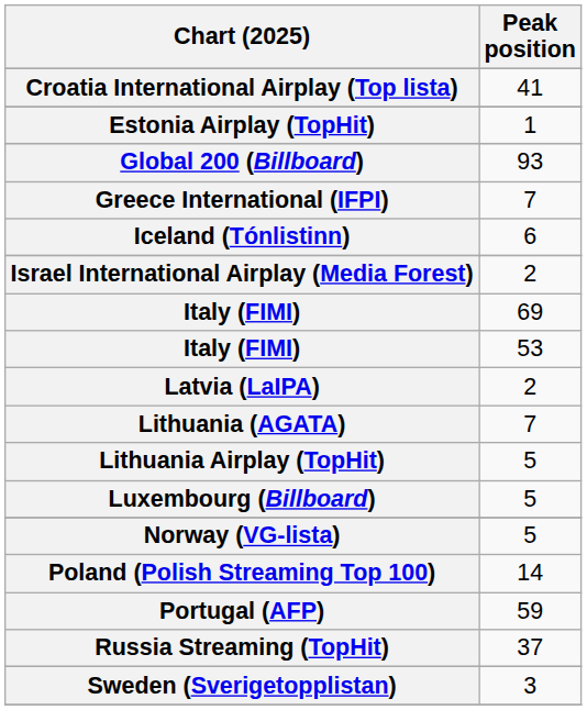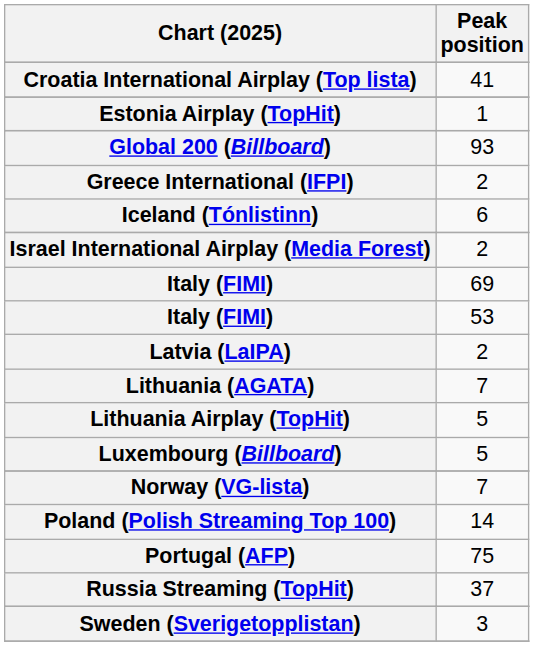 <table class="wikitable sortable plainrowheaders" style="text-align:center">
 <tr>
 <th scope="col">Chart (2025)</th>
 <th scope="col">Peak<br>position</th>
 </tr>
 <tr>
 </tr>
 <tr>
 </tr>
 <tr>
 <th scope="row">Croatia International Airplay (<a href='#'>Top lista</a>)</th>
 <td>41</td>
 </tr>
 <tr>
 </tr>
 <tr>
 <th scope="row">Estonia Airplay (<a href='#'>TopHit</a>)</th>
 <td>1</td>
 </tr>
 <tr>
 </tr>
 <tr>
 </tr>
 <tr>
 <th scope="row"><a href='#'>Global 200</a> (<em><a href='#'>Billboard</a></em>)</th>
 <td>93</td>
 </tr>
 <tr>
 <th scope="row">Greece International (<a href='#'>IFPI</a>)</th>
-<td>7</td>
+<td>2</td>
 </tr>
 <tr>
 <th scope="row">Iceland (<a href='#'>Tónlistinn</a>)</th>
 <td>6</td>
 </tr>
 <tr>
 </tr>
 <tr>
 <th scope="row">Israel International Airplay (<a href='#'>Media Forest</a>)</th>
 <td>2</td>
 </tr>
 <tr>
 <th scope="row">Italy (<a href='#'>FIMI</a>)</th>
 <td>69</td>
 </tr>
 <tr>
 <th scope="row">Italy (<a href='#'>FIMI</a>)<br></th>
 <td>53</td>
 </tr>
 <tr>
 <th scope="row">Latvia (<a href='#'>LaIPA</a>)</th>
 <td>2</td>
 </tr>
 <tr>
 <th scope="row">Lithuania (<a href='#'>AGATA</a>)</th>
 <td>7</td>
 </tr>
 <tr>
 <th scope="row">Lithuania Airplay (<a href='#'>TopHit</a>)</th>
 <td>5</td>
 </tr>
 <tr>
 <th scope="row">Luxembourg (<em><a href='#'>Billboard</a></em>)</th>
 <td>5</td>
 </tr>
 <tr>
 </tr>
 <tr>
 </tr>
 <tr>
 <th scope="row">Norway (<a href='#'>VG-lista</a>)</th>
-<td>5</td>
+<td>7</td>
 </tr>
 <tr>
 <th scope="row">Poland (<a href='#'>Polish Streaming Top 100</a>)</th>
 <td>14</td>
 </tr>
 <tr>
 <th scope="row">Portugal (<a href='#'>AFP</a>)</th>
-<td>59</td>
+<td>75</td>
 </tr>
 <tr>
 <th scope="row">Russia Streaming (<a href='#'>TopHit</a>)</th>
 <td>37</td>
 </tr>
 <tr>
 </tr>
 <tr>
 </tr>
 <tr>
 <th scope="row">Sweden (<a href='#'>Sverigetopplistan</a>)</th>
 <td>3</td>
 </tr>
 <tr>
 </tr>
 <tr>
 </tr>
 <tr>
 </tr>
 </table>
